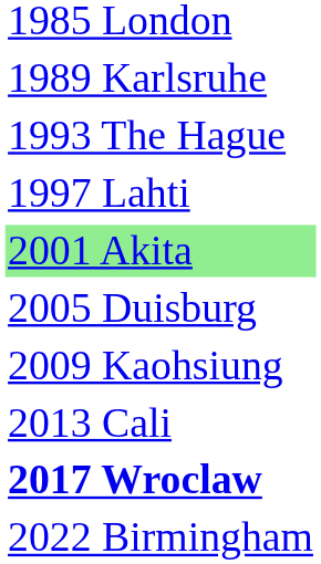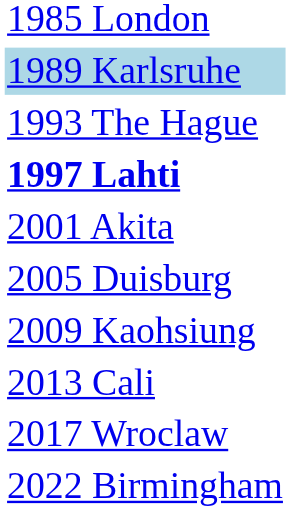 <table>
 <tr>
 <td><a href='#'>1985 London</a></td>
 <td></td>
 <td></td>
 <td></td>
 </tr>
 <tr>
-<td><a href='#'>1989 Karlsruhe</a></td>
+<td style="background: lightblue;"><a href='#'>1989 Karlsruhe</a></td>
 <td></td>
 <td></td>
 <td></td>
 </tr>
 <tr>
 <td><a href='#'>1993 The Hague</a></td>
 <td></td>
 <td></td>
 <td></td>
 </tr>
 <tr>
-<td><a href='#'>1997 Lahti</a></td>
+<td><strong><a href='#'>1997 Lahti</a></strong></td>
 <td></td>
 <td></td>
 <td></td>
 </tr>
 <tr>
-<td style="background: lightgreen;"><a href='#'>2001 Akita</a></td>
+<td><a href='#'>2001 Akita</a></td>
 <td></td>
 <td></td>
 <td></td>
 </tr>
 <tr>
 <td><a href='#'>2005 Duisburg</a></td>
 <td></td>
 <td></td>
 <td></td>
 </tr>
 <tr>
 <td><a href='#'>2009 Kaohsiung</a></td>
 <td></td>
 <td></td>
 <td></td>
 </tr>
 <tr>
 <td><a href='#'>2013 Cali</a></td>
 <td></td>
 <td></td>
 <td></td>
 </tr>
 <tr>
-<td><strong><a href='#'>2017 Wroclaw</a></strong></td>
+<td><a href='#'>2017 Wroclaw</a></td>
 <td></td>
 <td></td>
 <td></td>
 </tr>
 <tr>
 <td><a href='#'>2022 Birmingham</a></td>
 <td></td>
 <td></td>
 <td></td>
 </tr>
 </table>
